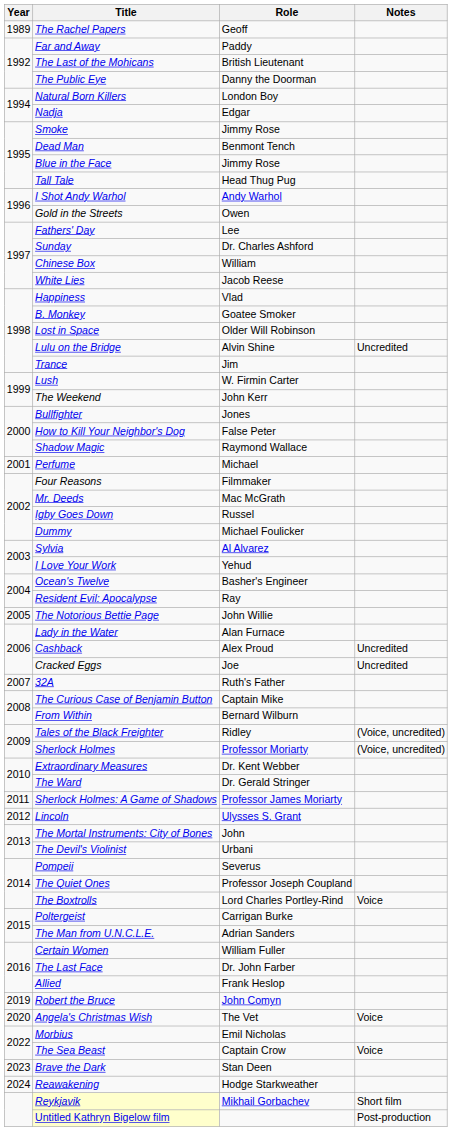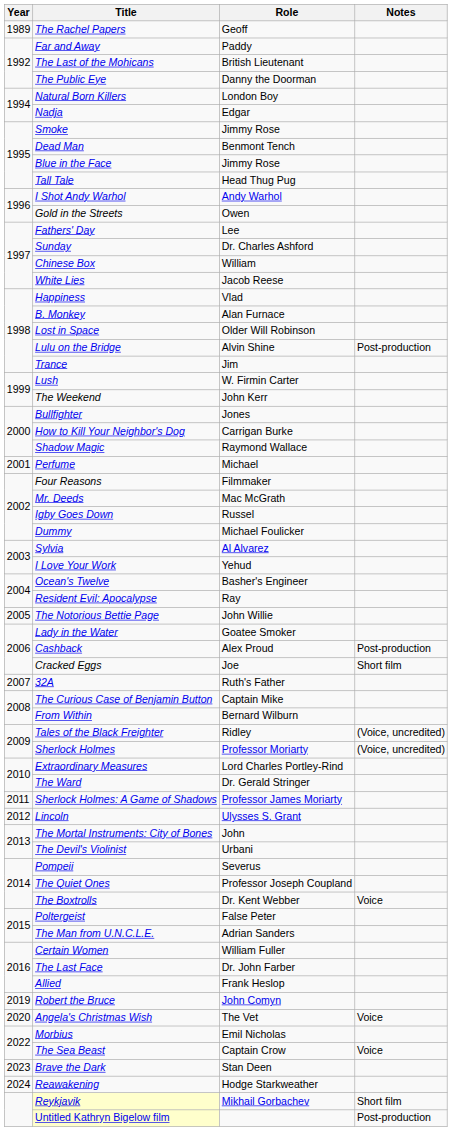 <table class="wikitable sortable">
 <tr>
 <th>Year</th>
 <th>Title</th>
 <th>Role</th>
 <th>Notes</th>
 </tr>
 <tr>
 <td>1989</td>
 <td><em><a href='#'>The Rachel Papers</a></em></td>
 <td>Geoff</td>
 <td></td>
 </tr>
 <tr>
 <td rowspan="3">1992</td>
 <td><em><a href='#'>Far and Away</a></em></td>
 <td>Paddy</td>
 <td></td>
 </tr>
 <tr>
 <td><em><a href='#'>The Last of the Mohicans</a></em></td>
 <td>British Lieutenant</td>
 <td></td>
 </tr>
 <tr>
 <td><em><a href='#'>The Public Eye</a></em></td>
 <td>Danny the Doorman</td>
 <td></td>
 </tr>
 <tr>
 <td rowspan="2">1994</td>
 <td><em><a href='#'>Natural Born Killers</a></em></td>
 <td>London Boy</td>
 <td></td>
 </tr>
 <tr>
 <td><em><a href='#'>Nadja</a></em></td>
 <td>Edgar</td>
 <td></td>
 </tr>
 <tr>
 <td rowspan="4">1995</td>
 <td><em><a href='#'>Smoke</a></em></td>
 <td>Jimmy Rose</td>
 <td></td>
 </tr>
 <tr>
 <td><em><a href='#'>Dead Man</a></em></td>
 <td>Benmont Tench</td>
 <td></td>
 </tr>
 <tr>
 <td><em><a href='#'>Blue in the Face</a></em></td>
 <td>Jimmy Rose</td>
 <td></td>
 </tr>
 <tr>
 <td><em><a href='#'>Tall Tale</a></em></td>
 <td>Head Thug Pug</td>
 <td></td>
 </tr>
 <tr>
 <td rowspan="2">1996</td>
 <td><em><a href='#'>I Shot Andy Warhol</a></em></td>
 <td><a href='#'>Andy Warhol</a></td>
 <td></td>
 </tr>
 <tr>
 <td><em>Gold in the Streets</em></td>
 <td>Owen</td>
 <td></td>
 </tr>
 <tr>
 <td rowspan="4">1997</td>
 <td><em><a href='#'>Fathers' Day</a></em></td>
 <td>Lee</td>
 <td></td>
 </tr>
 <tr>
 <td><em><a href='#'>Sunday</a></em></td>
 <td>Dr. Charles Ashford</td>
 <td></td>
 </tr>
 <tr>
 <td><em><a href='#'>Chinese Box</a></em></td>
 <td>William</td>
 <td></td>
 </tr>
 <tr>
 <td><em><a href='#'>White Lies</a></em></td>
 <td>Jacob Reese</td>
 <td></td>
 </tr>
 <tr>
 <td rowspan="5">1998</td>
 <td><em><a href='#'>Happiness</a></em></td>
 <td>Vlad</td>
 <td></td>
 </tr>
 <tr>
 <td><em><a href='#'>B. Monkey</a></em></td>
-<td>Goatee Smoker</td>
+<td>Alan Furnace</td>
 <td></td>
 </tr>
 <tr>
 <td><em><a href='#'>Lost in Space</a></em></td>
 <td>Older Will Robinson</td>
 <td></td>
 </tr>
 <tr>
 <td><em><a href='#'>Lulu on the Bridge</a></em></td>
 <td>Alvin Shine</td>
-<td>Uncredited</td>
+<td>Post-production</td>
 </tr>
 <tr>
 <td><em><a href='#'>Trance</a></em></td>
 <td>Jim</td>
 <td></td>
 </tr>
 <tr>
 <td rowspan="2">1999</td>
 <td><em><a href='#'>Lush</a></em></td>
 <td>W. Firmin Carter</td>
 <td></td>
 </tr>
 <tr>
 <td><em>The Weekend</em></td>
 <td>John Kerr</td>
 <td></td>
 </tr>
 <tr>
 <td rowspan="3">2000</td>
 <td><em><a href='#'>Bullfighter</a></em></td>
 <td>Jones</td>
 <td></td>
 </tr>
 <tr>
 <td><em><a href='#'>How to Kill Your Neighbor's Dog</a></em></td>
-<td>False Peter</td>
+<td>Carrigan Burke</td>
 <td></td>
 </tr>
 <tr>
 <td><em><a href='#'>Shadow Magic</a></em></td>
 <td>Raymond Wallace</td>
 <td></td>
 </tr>
 <tr>
 <td>2001</td>
 <td><em><a href='#'>Perfume</a></em></td>
 <td>Michael</td>
 <td></td>
 </tr>
 <tr>
 <td rowspan="4">2002</td>
 <td><em>Four Reasons</em></td>
 <td>Filmmaker</td>
 <td></td>
 </tr>
 <tr>
 <td><em><a href='#'>Mr. Deeds</a></em></td>
 <td>Mac McGrath</td>
 <td></td>
 </tr>
 <tr>
 <td><em><a href='#'>Igby Goes Down</a></em></td>
 <td>Russel</td>
 <td></td>
 </tr>
 <tr>
 <td><em><a href='#'>Dummy</a></em></td>
 <td>Michael Foulicker</td>
 <td></td>
 </tr>
 <tr>
 <td rowspan="2">2003</td>
 <td><em><a href='#'>Sylvia</a></em></td>
 <td><a href='#'>Al Alvarez</a></td>
 <td></td>
 </tr>
 <tr>
 <td><em><a href='#'>I Love Your Work</a></em></td>
 <td>Yehud</td>
 <td></td>
 </tr>
 <tr>
 <td rowspan="2">2004</td>
 <td><em><a href='#'>Ocean's Twelve</a></em></td>
 <td>Basher's Engineer</td>
 <td></td>
 </tr>
 <tr>
 <td><em><a href='#'>Resident Evil: Apocalypse</a></em></td>
 <td>Ray</td>
 <td></td>
 </tr>
 <tr>
 <td>2005</td>
 <td><em><a href='#'>The Notorious Bettie Page</a></em></td>
 <td>John Willie</td>
 <td></td>
 </tr>
 <tr>
 <td rowspan="3">2006</td>
 <td><em><a href='#'>Lady in the Water</a></em></td>
-<td>Alan Furnace</td>
+<td>Goatee Smoker</td>
 <td></td>
 </tr>
 <tr>
 <td><em><a href='#'>Cashback</a></em></td>
 <td>Alex Proud</td>
-<td>Uncredited</td>
+<td>Post-production</td>
 </tr>
 <tr>
 <td><em>Cracked Eggs</em></td>
 <td>Joe</td>
-<td>Uncredited</td>
+<td>Short film</td>
 </tr>
 <tr>
 <td>2007</td>
 <td><em><a href='#'>32A</a></em></td>
 <td>Ruth's Father</td>
 <td></td>
 </tr>
 <tr>
 <td rowspan="2">2008</td>
 <td><em><a href='#'>The Curious Case of Benjamin Button</a></em></td>
 <td>Captain Mike</td>
 <td></td>
 </tr>
 <tr>
 <td><em><a href='#'>From Within</a></em></td>
 <td>Bernard Wilburn</td>
 <td></td>
 </tr>
 <tr>
 <td rowspan="2">2009</td>
 <td><em><a href='#'>Tales of the Black Freighter</a></em></td>
 <td>Ridley</td>
 <td>(Voice, uncredited)</td>
 </tr>
 <tr>
 <td><em><a href='#'>Sherlock Holmes</a></em></td>
 <td><a href='#'>Professor Moriarty</a></td>
 <td>(Voice, uncredited)</td>
 </tr>
 <tr>
 <td rowspan="2">2010</td>
 <td><em><a href='#'>Extraordinary Measures</a></em></td>
-<td>Dr. Kent Webber</td>
+<td>Lord Charles Portley-Rind</td>
 <td></td>
 </tr>
 <tr>
 <td><em><a href='#'>The Ward</a></em></td>
 <td>Dr. Gerald Stringer</td>
 <td></td>
 </tr>
 <tr>
 <td>2011</td>
 <td><em><a href='#'>Sherlock Holmes: A Game of Shadows</a></em></td>
 <td><a href='#'>Professor James Moriarty</a></td>
 <td></td>
 </tr>
 <tr>
 <td>2012</td>
 <td><em><a href='#'>Lincoln</a></em></td>
 <td><a href='#'>Ulysses S. Grant</a></td>
 <td></td>
 </tr>
 <tr>
 <td rowspan="2">2013</td>
 <td><em><a href='#'>The Mortal Instruments: City of Bones</a></em></td>
 <td>John</td>
 <td></td>
 </tr>
 <tr>
 <td><em><a href='#'>The Devil's Violinist</a></em></td>
 <td>Urbani</td>
 <td></td>
 </tr>
 <tr>
 <td rowspan="3">2014</td>
 <td><em><a href='#'>Pompeii</a></em></td>
 <td>Severus</td>
 <td></td>
 </tr>
 <tr>
 <td><em><a href='#'>The Quiet Ones</a></em></td>
 <td>Professor Joseph Coupland</td>
 <td></td>
 </tr>
 <tr>
 <td><em><a href='#'>The Boxtrolls</a></em></td>
-<td>Lord Charles Portley-Rind</td>
+<td>Dr. Kent Webber</td>
 <td>Voice</td>
 </tr>
 <tr>
 <td rowspan="2">2015</td>
 <td><em><a href='#'>Poltergeist</a></em></td>
-<td>Carrigan Burke</td>
+<td>False Peter</td>
 <td></td>
 </tr>
 <tr>
 <td><em><a href='#'>The Man from U.N.C.L.E.</a></em></td>
 <td>Adrian Sanders</td>
 <td></td>
 </tr>
 <tr>
 <td rowspan="3">2016</td>
 <td><em><a href='#'>Certain Women</a></em></td>
 <td>William Fuller</td>
 <td></td>
 </tr>
 <tr>
 <td><em><a href='#'>The Last Face</a></em></td>
 <td>Dr. John Farber</td>
 <td></td>
 </tr>
 <tr>
 <td><em><a href='#'>Allied</a></em></td>
 <td>Frank Heslop</td>
 <td></td>
 </tr>
 <tr>
 <td>2019</td>
 <td><em><a href='#'>Robert the Bruce</a></em></td>
 <td><a href='#'>John Comyn</a></td>
 <td></td>
 </tr>
 <tr>
 <td>2020</td>
 <td><em><a href='#'>Angela's Christmas Wish</a></em></td>
 <td>The Vet</td>
 <td>Voice</td>
 </tr>
 <tr>
 <td rowspan="2">2022</td>
 <td><em><a href='#'>Morbius</a></em></td>
 <td>Emil Nicholas</td>
 <td></td>
 </tr>
 <tr>
 <td><em><a href='#'>The Sea Beast</a></em></td>
 <td>Captain Crow</td>
 <td>Voice</td>
 </tr>
 <tr>
 <td>2023</td>
 <td><em><a href='#'>Brave the Dark</a></em></td>
 <td>Stan Deen</td>
 <td></td>
 </tr>
 <tr>
 <td>2024</td>
 <td><em><a href='#'>Reawakening</a></em></td>
 <td>Hodge Starkweather</td>
 <td></td>
 </tr>
 <tr>
 <td rowspan="2"></td>
 <td style="background:#FFFFCC;"><em><a href='#'>Reykjavik</a></em> </td>
 <td><a href='#'>Mikhail Gorbachev</a></td>
 <td>Short film</td>
 </tr>
 <tr>
 <td style="background:#FFFFCC;"><a href='#'>Untitled Kathryn Bigelow film</a> </td>
 <td></td>
 <td>Post-production</td>
 </tr>
 </table>
